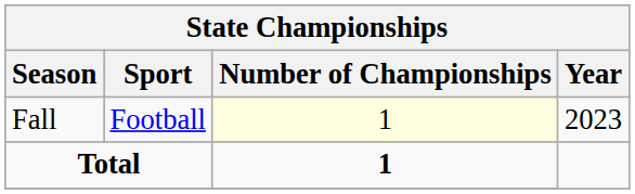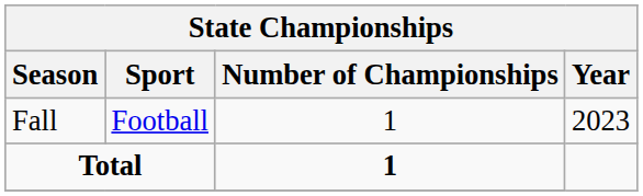 <table class="wikitable">
 <tr>
 <th colspan="4">State Championships</th>
 </tr>
 <tr>
 <th>Season</th>
 <th>Sport</th>
 <th>Number of Championships</th>
 <th>Year</th>
 </tr>
 <tr>
 <td rowspan="1">Fall</td>
 <td><a href='#'>Football</a></td>
-<td align="center" style="background: lightyellow;">1</td>
+<td align="center">1</td>
 <td>2023</td>
 </tr>
 <tr>
 <td align="center" colspan="2"><strong>Total</strong></td>
 <td align="center"><strong>1</strong></td>
 </tr>
 <tr>
 </tr>
 </table>
